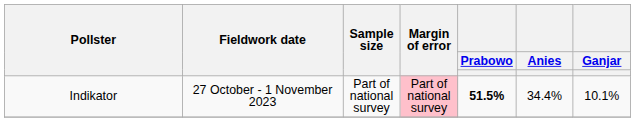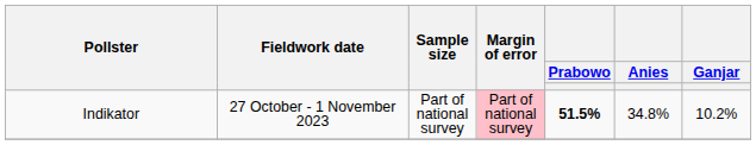 <table class="wikitable" style="text-align:center; font-size:90%; line-height:14px;">
 <tr style="height:55px; background-color:#E9E9E9">
 <th rowspan="3" style="width:200px;">Pollster</th>
 <th rowspan="3" style="width:180px;">Fieldwork date</th>
 <th rowspan="3" style="width:60px;">Sample size</th>
 <th rowspan="3" style="width:60px;">Margin of error</th>
 <th style="width:60px;"></th>
 <th style="width:60px;"></th>
 <th style="width:60px;"></th>
 </tr>
 <tr>
 <th><a href='#'>Prabowo</a> <br></th>
 <th><a href='#'>Anies</a> <br></th>
 <th><a href='#'>Ganjar</a> <br></th>
 </tr>
 <tr>
 <th class="unsortable" style="color:inherit;background:"></th>
 <th class="unsortable" style="color:inherit;background:"></th>
 <th class="unsortable" style="color:inherit;background:"></th>
 </tr>
 <tr>
 <td>Indikator</td>
 <td>27 October - 1 November 2023</td>
 <td>Part of national survey</td>
 <td style="background: pink;">Part of national survey</td>
 <td style="background-color:#"><strong>51.5%</strong> </td>
-<td>34.4% </td>
-<td>10.1% </td>
+<td>34.8% </td>
+<td>10.2% </td>
 </tr>
 <tr>
 </tr>
 </table>
